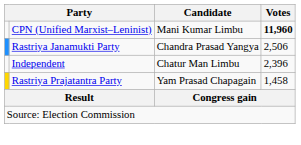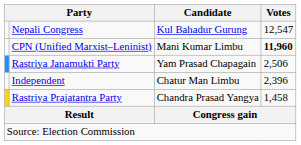 <table class="wikitable">
 <tr>
 <th colspan="2">Party</th>
 <th>Candidate</th>
 <th>Votes</th>
+</tr>
+<tr>
+<td style="background-color:"></td>
+<td><a href='#'>Nepali Congress</a></td>
+<td><a href='#'>Kul Bahadur Gurung</a></td>
+<td>12,547</td>
 </tr>
 <tr>
 <td style="background-color:"></td>
 <td><a href='#'>CPN (Unified Marxist–Leninist)</a></td>
 <td>Mani Kumar Limbu</td>
 <td><strong>11,960</strong></td>
 </tr>
 <tr>
 <td style="background-color:dodgerblue"></td>
 <td><a href='#'>Rastriya Janamukti Party</a></td>
-<td>Chandra Prasad Yangya</td>
+<td>Yam Prasad Chapagain</td>
 <td>2,506</td>
 </tr>
 <tr>
 <td style="background-color:"></td>
 <td><a href='#'>Independent</a></td>
 <td>Chatur Man Limbu</td>
 <td>2,396</td>
 </tr>
 <tr>
 <td style="background-color:gold"></td>
 <td><a href='#'>Rastriya Prajatantra Party</a></td>
-<td>Yam Prasad Chapagain</td>
+<td>Chandra Prasad Yangya</td>
 <td>1,458</td>
 </tr>
 <tr>
 <th colspan="2">Result</th>
 <th colspan="2">Congress gain</th>
 </tr>
 <tr>
 <td colspan="4">Source: Election Commission</td>
 </tr>
 </table>
